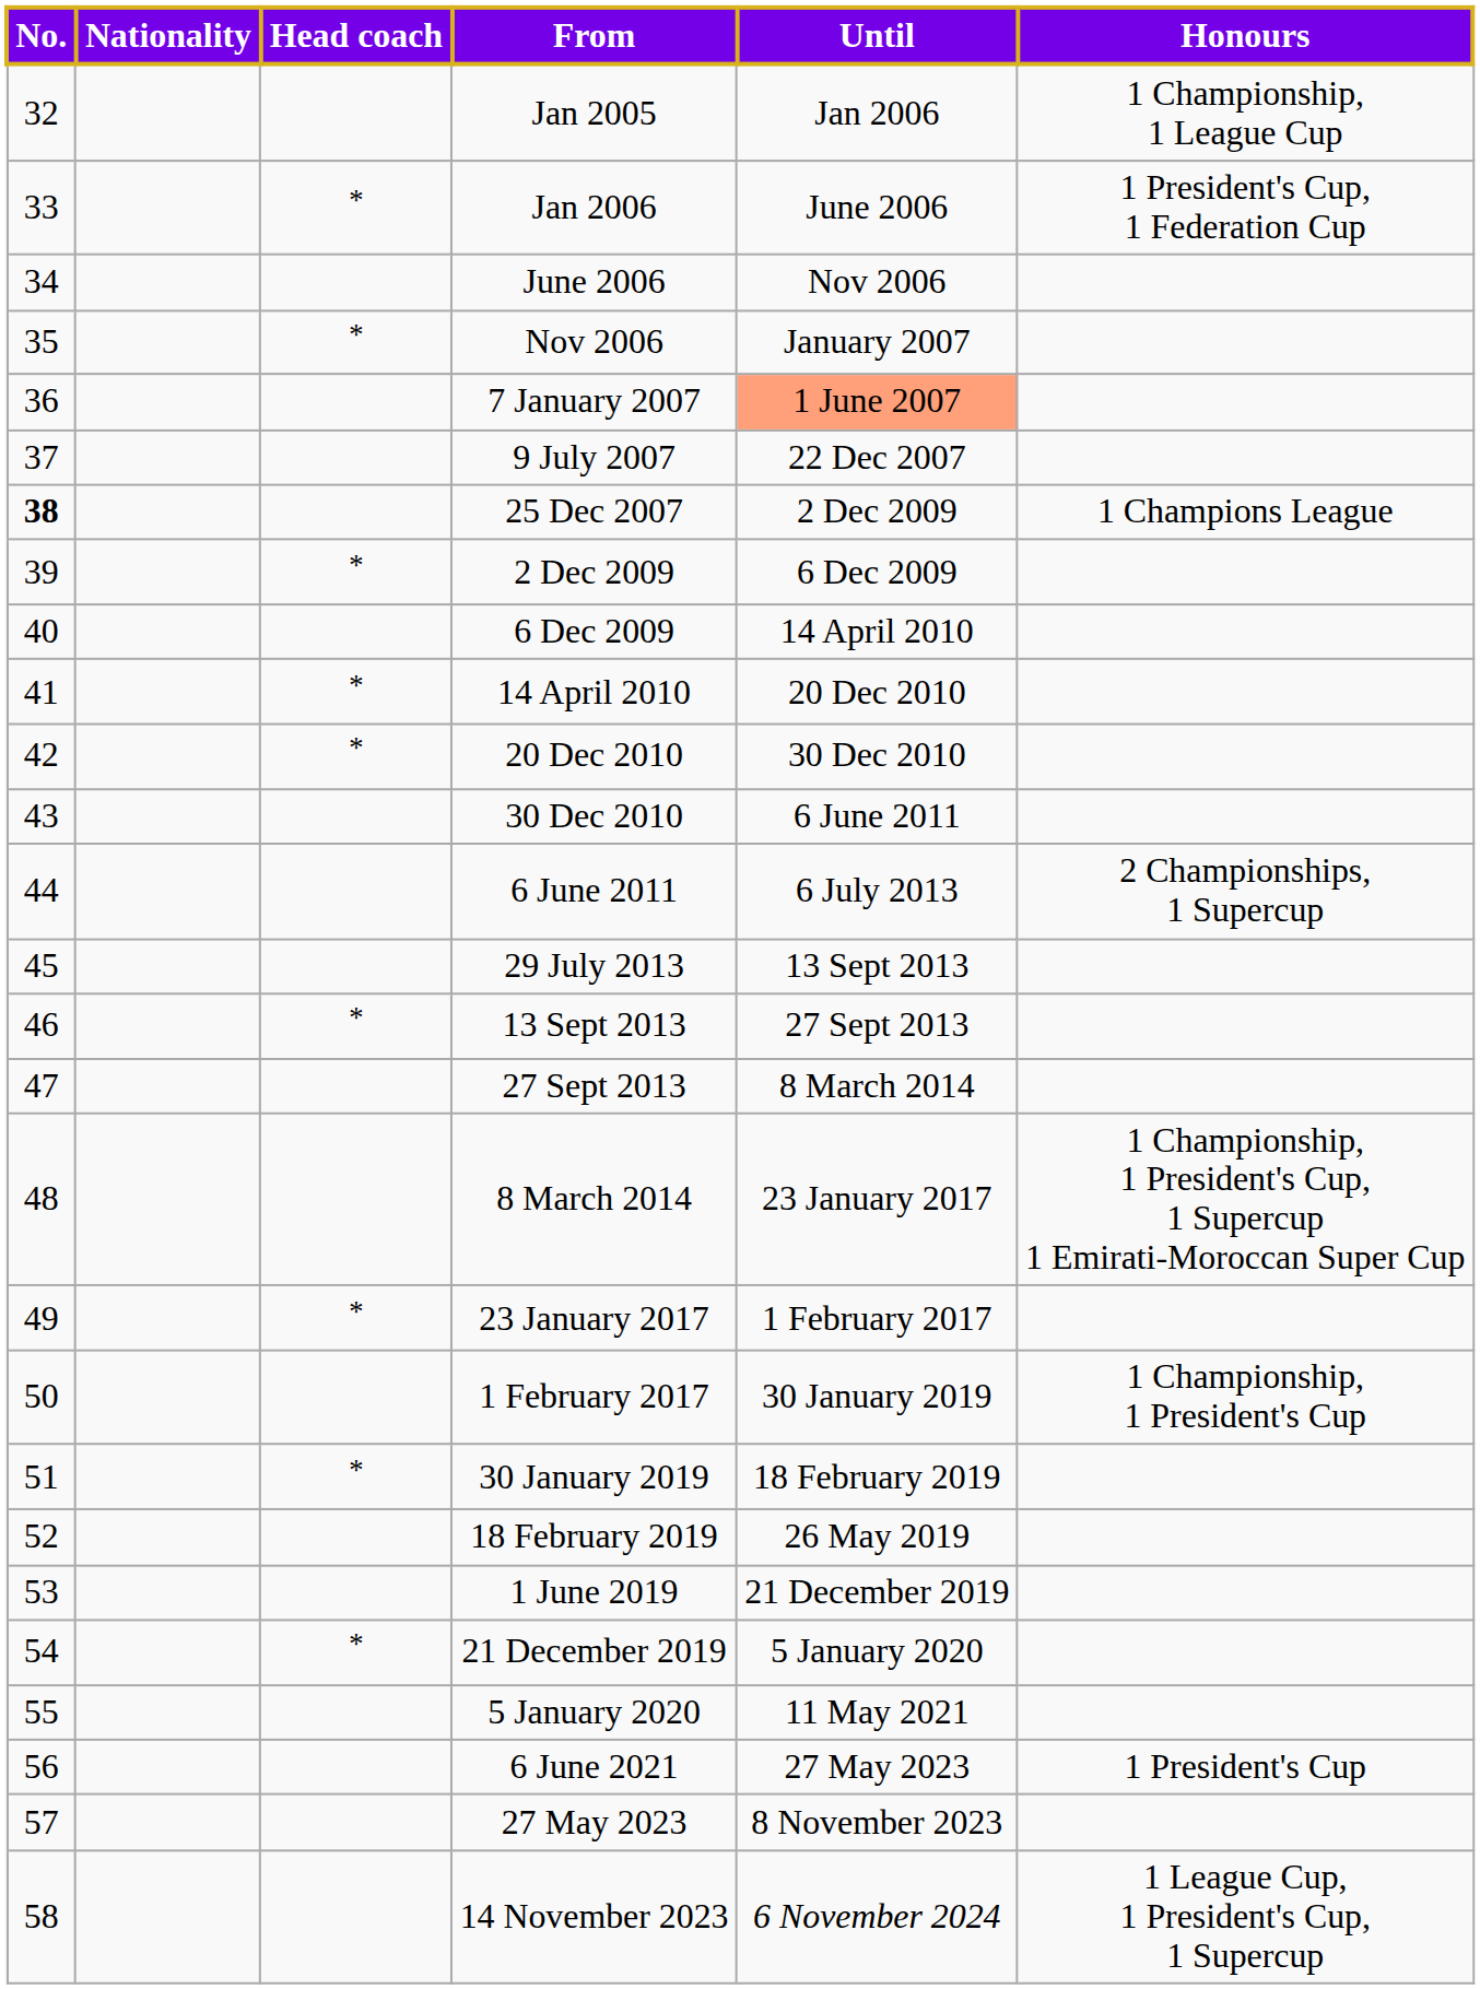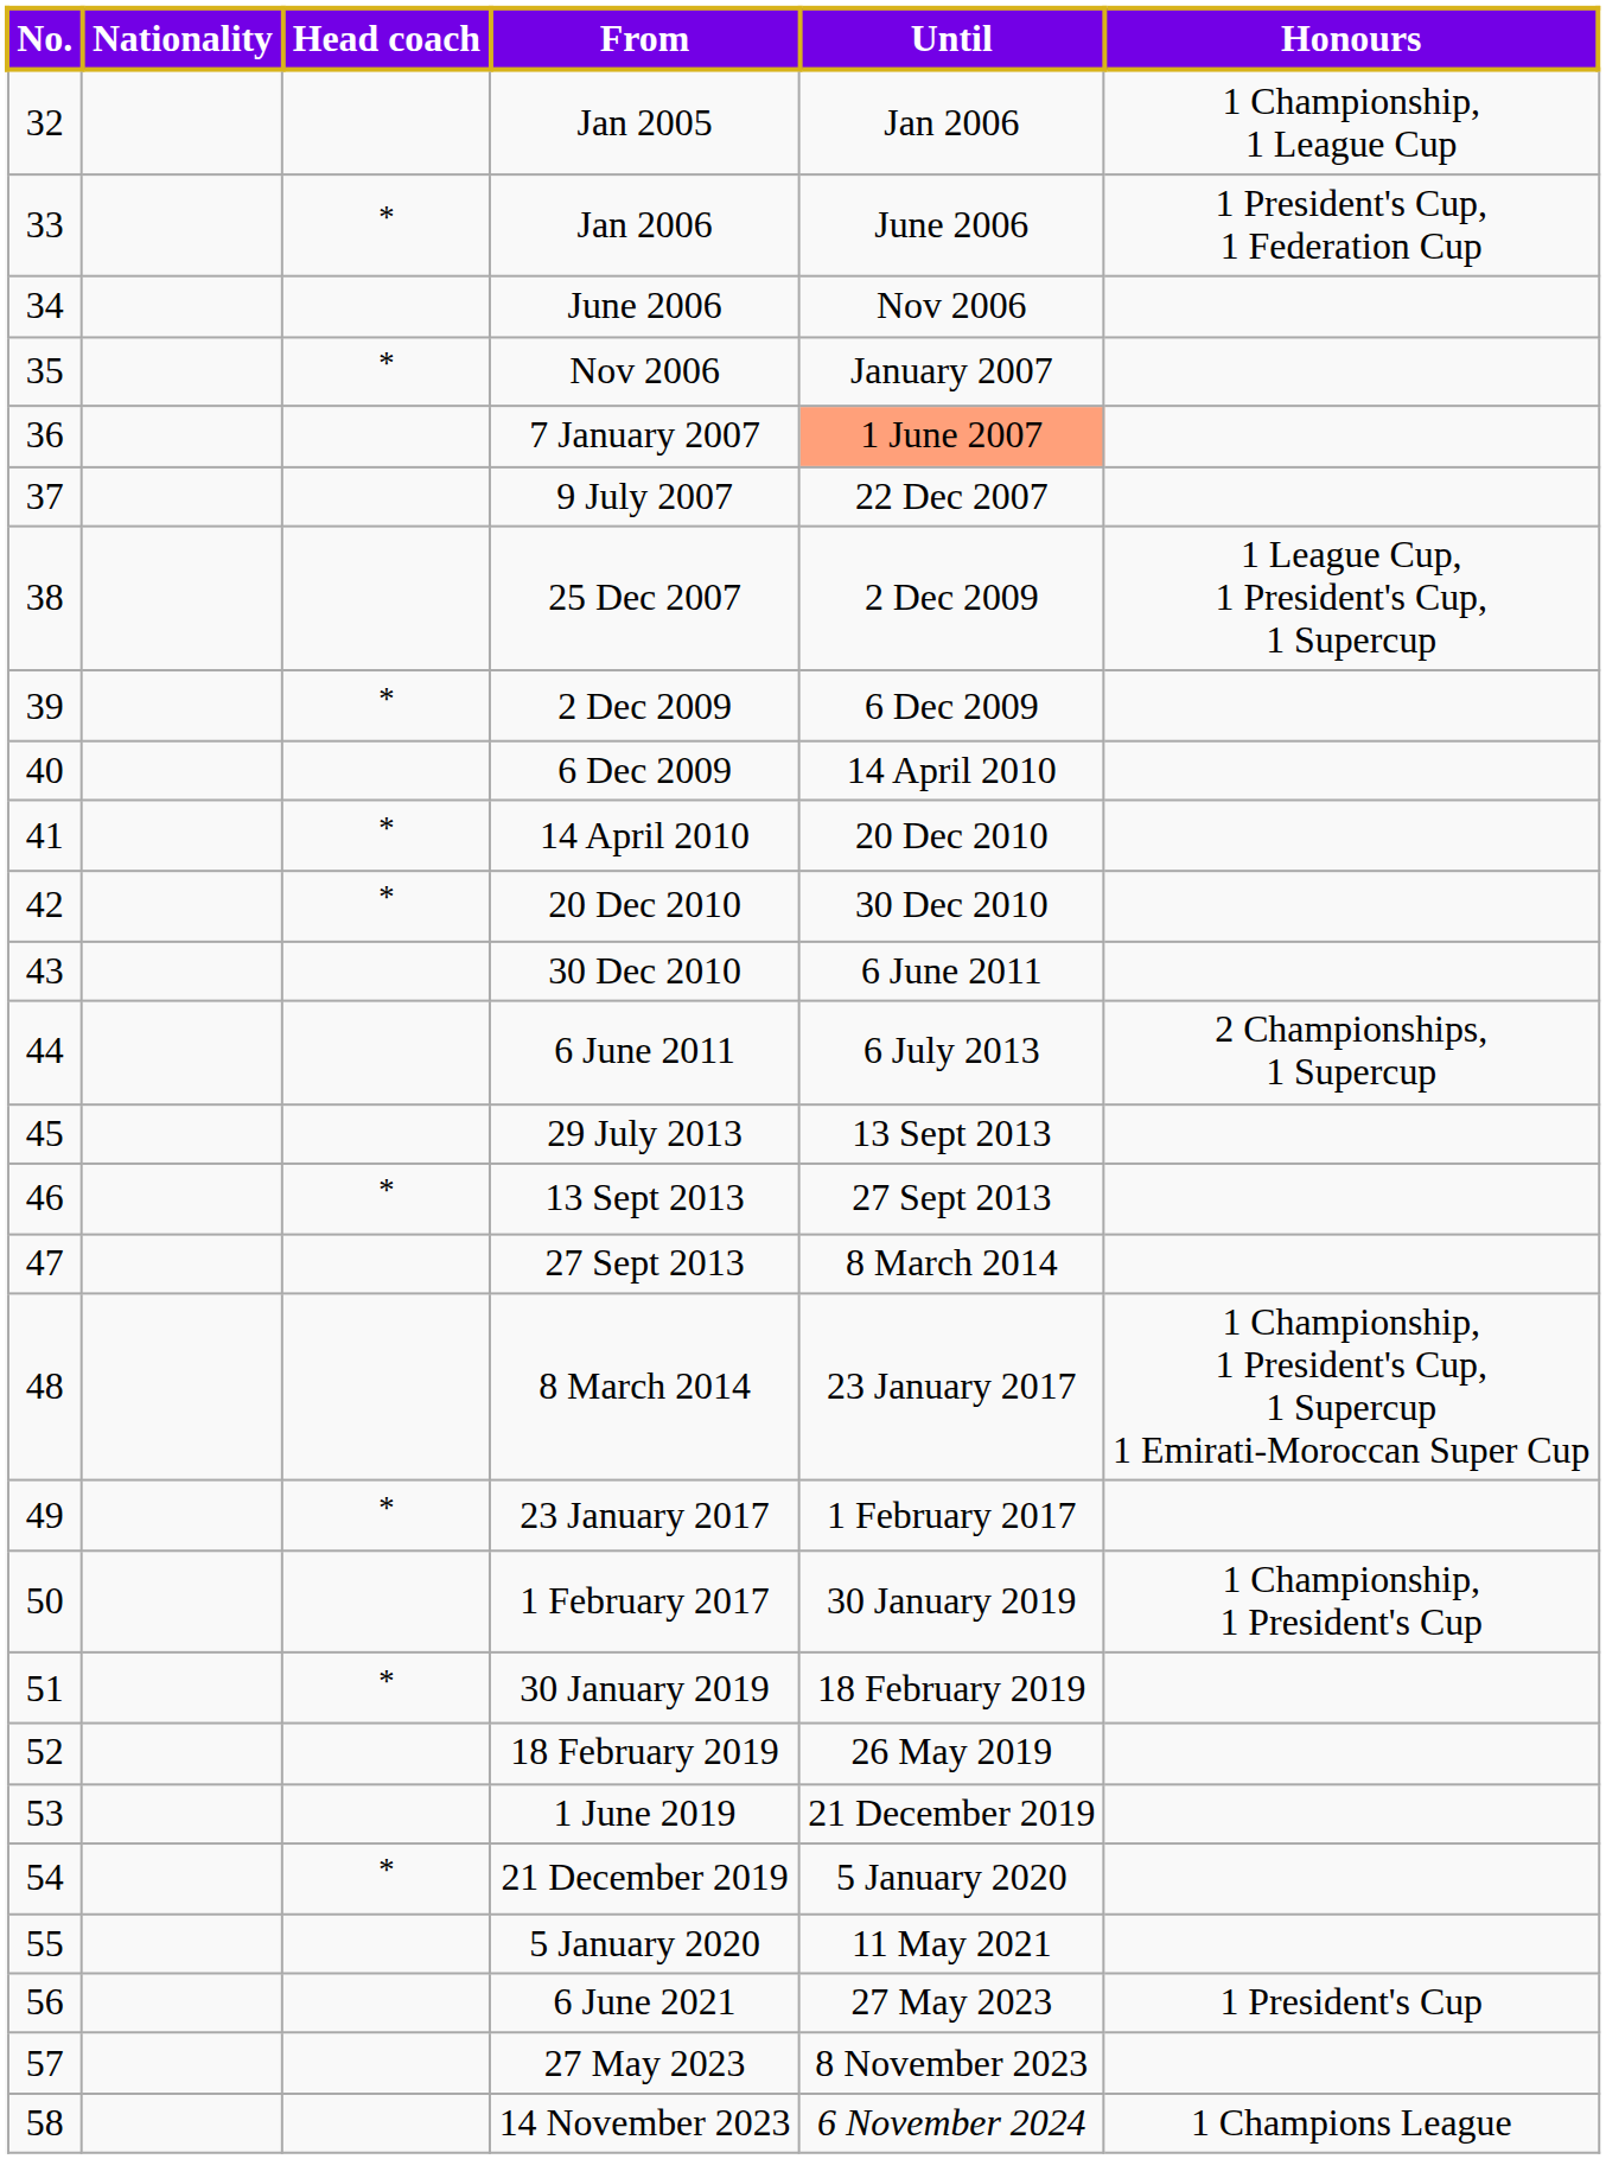 <table class="wikitable" style="text-align:center; display:inline-table;">
 <tr>
 <th style="color:#FFFFFF; background: #7300E6; border:2px solid #D8B31B;">No.</th>
 <th style="color:#FFFFFF; background: #7300E6; border:2px solid #D8B31B;">Nationality</th>
 <th style="color:#FFFFFF; background: #7300E6; border:2px solid #D8B31B;">Head coach</th>
 <th style="color:#FFFFFF; background: #7300E6; border:2px solid #D8B31B;">From</th>
 <th style="color:#FFFFFF; background: #7300E6; border:2px solid #D8B31B;">Until</th>
 <th style="color:#FFFFFF; background: #7300E6; border:2px solid #D8B31B;">Honours</th>
 </tr>
 <tr>
 <td>32</td>
 <td></td>
 <td align=center></td>
 <td>Jan 2005</td>
 <td>Jan 2006</td>
 <td>1 Championship,<br>1 League Cup</td>
 </tr>
 <tr>
 <td>33</td>
 <td></td>
 <td align=center><sup>*</sup></td>
 <td>Jan 2006</td>
 <td>June 2006</td>
 <td>1 President's Cup, <br>1 Federation Cup</td>
 </tr>
 <tr>
 <td>34</td>
 <td></td>
 <td align=center></td>
 <td>June 2006</td>
 <td>Nov 2006</td>
 <td></td>
 </tr>
 <tr>
 <td>35</td>
 <td></td>
 <td align=center><sup>*</sup></td>
 <td>Nov 2006</td>
 <td>January 2007</td>
 <td></td>
 </tr>
 <tr>
 <td>36</td>
 <td></td>
 <td align=center></td>
 <td>7 January 2007</td>
 <td style="background: lightsalmon;">1 June 2007</td>
 <td></td>
 </tr>
 <tr>
 <td>37</td>
 <td></td>
 <td align=center></td>
 <td>9 July 2007</td>
 <td>22 Dec 2007</td>
 <td></td>
 </tr>
 <tr>
-<td><strong>38</strong></td>
+<td>38</td>
 <td></td>
 <td align=center></td>
 <td>25 Dec 2007</td>
 <td>2 Dec 2009</td>
-<td>1 Champions League</td>
+<td>1 League Cup, <br>1 President's Cup, <br>1 Supercup</td>
 </tr>
 <tr>
 <td>39</td>
 <td></td>
 <td align=center><sup>*</sup></td>
 <td>2 Dec 2009</td>
 <td>6 Dec 2009</td>
 <td></td>
 </tr>
 <tr>
 <td>40</td>
 <td></td>
 <td align=center></td>
 <td>6 Dec 2009</td>
 <td>14 April 2010</td>
 <td></td>
 </tr>
 <tr>
 <td>41</td>
 <td></td>
 <td align=center><sup>*</sup></td>
 <td>14 April 2010</td>
 <td>20 Dec 2010</td>
 <td></td>
 </tr>
 <tr>
 <td>42</td>
 <td></td>
 <td align=center><sup>*</sup></td>
 <td>20 Dec 2010</td>
 <td>30 Dec 2010</td>
 <td></td>
 </tr>
 <tr>
 <td>43</td>
 <td></td>
 <td align=center></td>
 <td>30 Dec 2010</td>
 <td>6 June 2011</td>
 <td></td>
 </tr>
 <tr>
 <td>44</td>
 <td></td>
 <td align=center></td>
 <td>6 June 2011</td>
 <td>6 July 2013</td>
 <td>2 Championships, <br>1 Supercup</td>
 </tr>
 <tr>
 <td>45</td>
 <td></td>
 <td align=center></td>
 <td>29 July 2013</td>
 <td>13 Sept 2013</td>
 <td></td>
 </tr>
 <tr>
 <td>46</td>
 <td></td>
 <td align=center><sup>*</sup></td>
 <td>13 Sept 2013</td>
 <td>27 Sept 2013</td>
 <td></td>
 </tr>
 <tr>
 <td>47</td>
 <td></td>
 <td align=center></td>
 <td>27 Sept 2013</td>
 <td>8 March 2014</td>
 <td></td>
 </tr>
 <tr>
 <td>48</td>
 <td></td>
 <td align=center></td>
 <td>8 March 2014</td>
 <td>23 January 2017</td>
 <td>1 Championship,<br>1 President's Cup,<br>1 Supercup<br>1 Emirati-Moroccan Super Cup</td>
 </tr>
 <tr>
 <td>49</td>
 <td></td>
 <td align=center><sup>*</sup></td>
 <td>23 January 2017</td>
 <td>1 February 2017</td>
 <td></td>
 </tr>
 <tr>
 <td>50</td>
 <td></td>
 <td align=center></td>
 <td>1 February 2017</td>
 <td>30 January 2019</td>
 <td>1 Championship,<br>1 President's Cup</td>
 </tr>
 <tr>
 <td>51</td>
 <td></td>
 <td align=center><sup>*</sup></td>
 <td>30 January 2019</td>
 <td>18 February 2019</td>
 <td></td>
 </tr>
 <tr>
 <td>52</td>
 <td></td>
 <td align=center></td>
 <td>18 February 2019</td>
 <td>26 May 2019</td>
 <td></td>
 </tr>
 <tr>
 <td>53</td>
 <td></td>
 <td align=center></td>
 <td>1 June 2019</td>
 <td>21 December 2019</td>
 <td></td>
 </tr>
 <tr>
 <td>54</td>
 <td></td>
 <td align=center><sup>*</sup></td>
 <td>21 December 2019</td>
 <td>5 January 2020</td>
 <td></td>
 </tr>
 <tr>
 <td>55</td>
 <td></td>
 <td align=center></td>
 <td>5 January 2020</td>
 <td>11 May 2021</td>
 <td></td>
 </tr>
 <tr>
 <td>56</td>
 <td></td>
 <td align=center></td>
 <td>6 June 2021</td>
 <td>27 May 2023</td>
 <td>1 President's Cup</td>
 </tr>
 <tr>
 <td>57</td>
 <td></td>
 <td align=center></td>
 <td>27 May 2023</td>
 <td>8 November 2023</td>
 <td></td>
 </tr>
 <tr>
 <td>58</td>
 <td></td>
 <td align=center></td>
 <td>14 November 2023</td>
 <td><em>6 November 2024</em></td>
-<td>1 League Cup, <br>1 President's Cup, <br>1 Supercup</td>
+<td>1 Champions League</td>
 </tr>
 </table>
